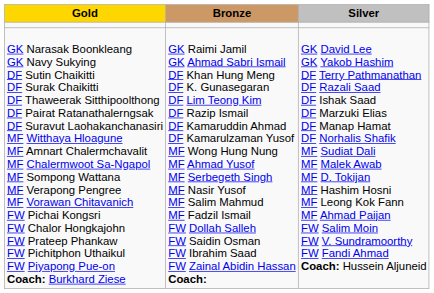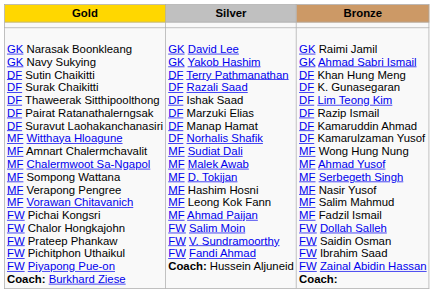 <table class="wikitable">
 <tr>
 <th style="background: gold">Gold</th>
+<th style="background: silver">Silver</th>
 <th style="background: #cc9966">Bronze</th>
-<th style="background: silver">Silver</th>
 </tr>
 <tr>
 <td align="center"></td>
 <td align="center"></td>
 <td align="center"></td>
 </tr>
 <tr>
 <td valign="top"><br><a href='#'>GK</a> Narasak Boonkleang <br> <a href='#'>GK</a> Navy Sukying <br> <a href='#'>DF</a> Sutin Chaikitti <br> <a href='#'>DF</a> Surak Chaikitti <br> <a href='#'>DF</a> Thaweerak Sitthipoolthong <br>  <a href='#'>DF</a> Pairat Ratanathalerngsak <br>  <a href='#'>DF</a> Suravut Laohakanchanasiri <br>  <a href='#'>MF</a> <a href='#'>Witthaya Hloagune</a> <br>  <a href='#'>MF</a> Amnart Chalermchavalit <br> <a href='#'>MF</a> <a href='#'>Chalermwoot Sa-Ngapol</a> <br>  <a href='#'>MF</a> Sompong Wattana <br> <a href='#'>MF</a> Verapong Pengree <br> <a href='#'>MF</a> <a href='#'>Vorawan Chitavanich</a> <br> <a href='#'>FW</a> Pichai Kongsri <br> <a href='#'>FW</a> Chalor Hongkajohn <br> <a href='#'>FW</a> Prateep Phankaw <br> <a href='#'>FW</a> Pichitphon Uthaikul <br> <a href='#'>FW</a> <a href='#'>Piyapong Pue-on</a> <br> <strong>Coach:</strong>  <a href='#'>Burkhard Ziese</a></td>
+<td valign="top"><br><a href='#'>GK</a> <a href='#'>David Lee</a> <br> <a href='#'>GK</a> <a href='#'>Yakob Hashim</a> <br> <a href='#'>DF</a> <a href='#'>Terry Pathmanathan</a> <br>  <a href='#'>DF</a> <a href='#'>Razali Saad</a> <br> <a href='#'>DF</a> Ishak Saad <br> <a href='#'>DF</a> Marzuki Elias <br> <a href='#'>DF</a> Manap Hamat <br> <a href='#'>DF</a> <a href='#'>Norhalis Shafik</a> <br> <a href='#'>MF</a> <a href='#'>Sudiat Dali</a> <br> <a href='#'>MF</a> <a href='#'>Malek Awab</a> <br> <a href='#'>MF</a> <a href='#'>D. Tokijan</a> <br> <a href='#'>MF</a> Hashim Hosni <br> <a href='#'>MF</a> Leong Kok Fann <br> <a href='#'>MF</a> <a href='#'>Ahmad Paijan</a> <br> <a href='#'>FW</a> <a href='#'>Salim Moin</a> <br> <a href='#'>FW</a> <a href='#'>V. Sundramoorthy</a> <br> <a href='#'>FW</a> <a href='#'>Fandi Ahmad</a> <br> <strong>Coach:</strong> Hussein Aljuneid <br></td>
 <td valign="top"><br><a href='#'>GK</a> Raimi Jamil <br> <a href='#'>GK</a> <a href='#'>Ahmad Sabri Ismail</a> <br> <a href='#'>DF</a> Khan Hung Meng <br> <a href='#'>DF</a> K. Gunasegaran <br> <a href='#'>DF</a> <a href='#'>Lim Teong Kim</a> <br> <a href='#'>DF</a> Razip Ismail <br> <a href='#'>DF</a> Kamaruddin Ahmad <br> <a href='#'>DF</a> Kamarulzaman Yusof <br> <a href='#'>MF</a> Wong Hung Nung <br> <a href='#'>MF</a> <a href='#'>Ahmad Yusof</a> <br> <a href='#'>MF</a> <a href='#'>Serbegeth Singh</a> <br> <a href='#'>MF</a> Nasir Yusof <br> <a href='#'>MF</a> Salim Mahmud <br> <a href='#'>MF</a> Fadzil Ismail <br> <a href='#'>FW</a> <a href='#'>Dollah Salleh</a> <br> <a href='#'>FW</a> Saidin Osman <br> <a href='#'>FW</a> Ibrahim Saad <br> <a href='#'>FW</a> <a href='#'>Zainal Abidin Hassan</a> <br> <strong>Coach:</strong>  <br></td>
-<td valign="top"><br><a href='#'>GK</a> <a href='#'>David Lee</a> <br> <a href='#'>GK</a> <a href='#'>Yakob Hashim</a> <br> <a href='#'>DF</a> <a href='#'>Terry Pathmanathan</a> <br>  <a href='#'>DF</a> <a href='#'>Razali Saad</a> <br> <a href='#'>DF</a> Ishak Saad <br> <a href='#'>DF</a> Marzuki Elias <br> <a href='#'>DF</a> Manap Hamat <br> <a href='#'>DF</a> <a href='#'>Norhalis Shafik</a> <br> <a href='#'>MF</a> <a href='#'>Sudiat Dali</a> <br> <a href='#'>MF</a> <a href='#'>Malek Awab</a> <br> <a href='#'>MF</a> <a href='#'>D. Tokijan</a> <br> <a href='#'>MF</a> Hashim Hosni <br> <a href='#'>MF</a> Leong Kok Fann <br> <a href='#'>MF</a> <a href='#'>Ahmad Paijan</a> <br> <a href='#'>FW</a> <a href='#'>Salim Moin</a> <br> <a href='#'>FW</a> <a href='#'>V. Sundramoorthy</a> <br> <a href='#'>FW</a> <a href='#'>Fandi Ahmad</a> <br> <strong>Coach:</strong> Hussein Aljuneid <br></td>
 </tr>
 </table>
